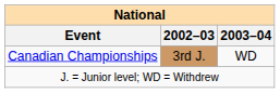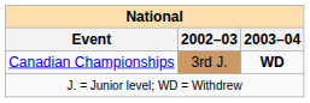 <table class="wikitable" style="text-align:center">
 <tr>
 <th style="background-color: #ffdead; " colspan=3 align=center>National</th>
 </tr>
 <tr>
 <th>Event</th>
 <th>2002–03</th>
 <th>2003–04</th>
 </tr>
 <tr>
 <td align=left><a href='#'>Canadian Championships</a></td>
 <td bgcolor=cc9966>3rd J.</td>
-<td>WD</td>
+<td><strong>WD</strong></td>
 </tr>
 <tr>
 <td colspan=3 align=center><small> J. = Junior level; WD = Withdrew </small></td>
 </tr>
 </table>
